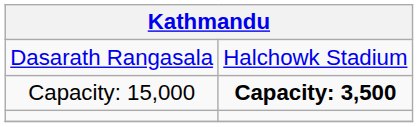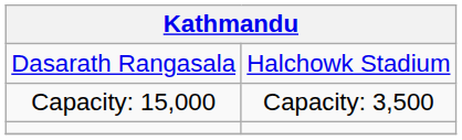 <table class="wikitable" style="margin:1em auto; text-align:center">
 <tr>
 <th colspan="2"><a href='#'>Kathmandu</a></th>
 </tr>
 <tr>
 <td><a href='#'>Dasarath Rangasala</a></td>
 <td><a href='#'>Halchowk Stadium</a></td>
 </tr>
 <tr>
 <td>Capacity: 15,000</td>
-<td><strong>Capacity: 3,500</strong></td>
+<td>Capacity: 3,500</td>
 </tr>
 <tr>
 <td></td>
 <td></td>
 </tr>
 <tr>
 </tr>
 </table>
